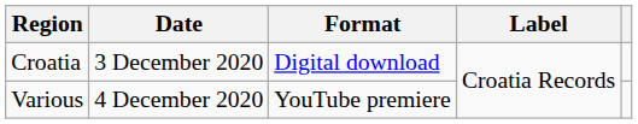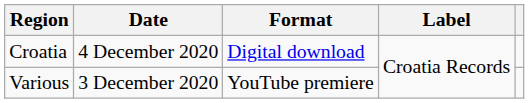 <table class=wikitable>
 <tr>
 <th>Region</th>
 <th>Date</th>
 <th>Format</th>
 <th>Label</th>
 <th></th>
 </tr>
 <tr>
 <td>Croatia</td>
-<td>3 December 2020</td>
+<td>4 December 2020</td>
 <td><a href='#'>Digital download</a></td>
 <td rowspan="2">Croatia Records</td>
 <td></td>
 </tr>
 <tr>
 <td>Various</td>
-<td>4 December 2020</td>
+<td>3 December 2020</td>
 <td>YouTube premiere</td>
 <td></td>
 </tr>
 </table>
